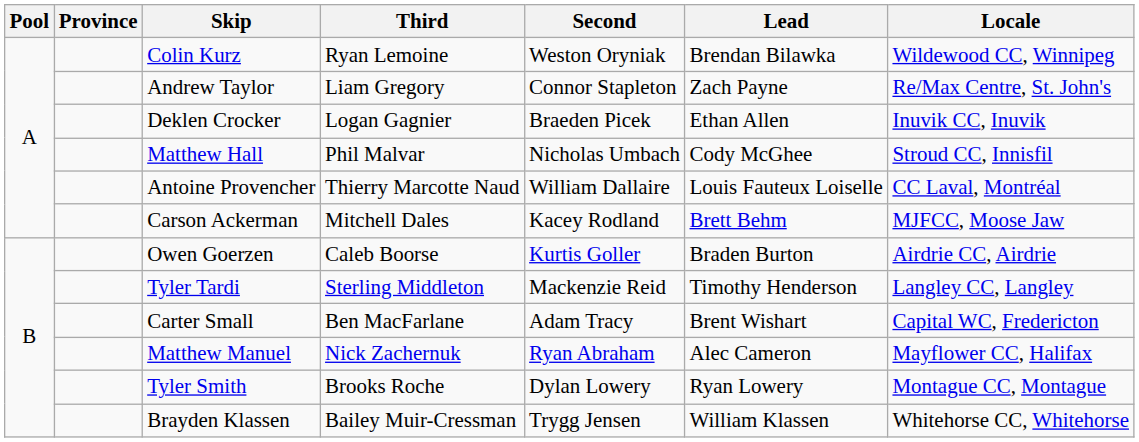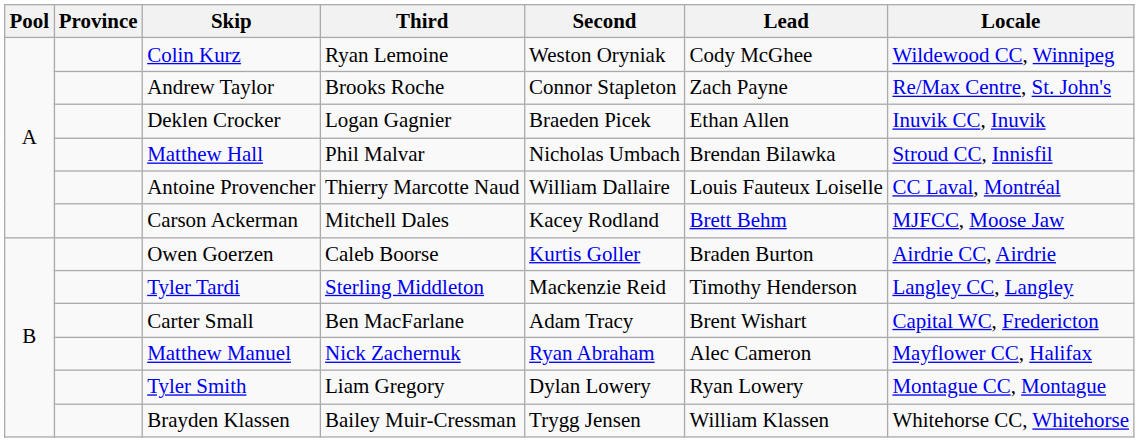 <table class="wikitable">
 <tr>
 <th>Pool</th>
 <th>Province</th>
 <th>Skip</th>
 <th>Third</th>
 <th>Second</th>
 <th>Lead</th>
 <th>Locale</th>
 </tr>
 <tr>
 <td rowspan=6 align=center>A</td>
 <td></td>
 <td><a href='#'>Colin Kurz</a></td>
 <td>Ryan Lemoine</td>
 <td>Weston Oryniak</td>
-<td>Brendan Bilawka</td>
+<td>Cody McGhee</td>
 <td><a href='#'>Wildewood CC</a>, <a href='#'>Winnipeg</a></td>
 </tr>
 <tr>
 <td></td>
 <td>Andrew Taylor</td>
-<td>Liam Gregory</td>
+<td>Brooks Roche</td>
 <td>Connor Stapleton</td>
 <td>Zach Payne</td>
 <td><a href='#'>Re/Max Centre</a>, <a href='#'>St. John's</a></td>
 </tr>
 <tr>
 <td></td>
 <td>Deklen Crocker</td>
 <td>Logan Gagnier</td>
 <td>Braeden Picek</td>
 <td>Ethan Allen</td>
 <td><a href='#'>Inuvik CC</a>, <a href='#'>Inuvik</a></td>
 </tr>
 <tr>
 <td></td>
 <td><a href='#'>Matthew Hall</a></td>
 <td>Phil Malvar</td>
 <td>Nicholas Umbach</td>
-<td>Cody McGhee</td>
+<td>Brendan Bilawka</td>
 <td><a href='#'>Stroud CC</a>, <a href='#'>Innisfil</a></td>
 </tr>
 <tr>
 <td></td>
 <td>Antoine Provencher</td>
 <td>Thierry Marcotte Naud</td>
 <td>William Dallaire</td>
 <td>Louis Fauteux Loiselle</td>
 <td><a href='#'>CC Laval</a>, <a href='#'>Montréal</a></td>
 </tr>
 <tr>
 <td></td>
 <td>Carson Ackerman</td>
 <td>Mitchell Dales</td>
 <td>Kacey Rodland</td>
 <td><a href='#'>Brett Behm</a></td>
 <td><a href='#'>MJFCC</a>, <a href='#'>Moose Jaw</a></td>
 </tr>
 <tr>
 <td rowspan=6 align=center>B</td>
 <td></td>
 <td>Owen Goerzen</td>
 <td>Caleb Boorse</td>
 <td><a href='#'>Kurtis Goller</a></td>
 <td>Braden Burton</td>
 <td><a href='#'>Airdrie CC</a>, <a href='#'>Airdrie</a></td>
 </tr>
 <tr>
 <td></td>
 <td><a href='#'>Tyler Tardi</a></td>
 <td><a href='#'>Sterling Middleton</a></td>
 <td>Mackenzie Reid</td>
 <td>Timothy Henderson</td>
 <td><a href='#'>Langley CC</a>, <a href='#'>Langley</a></td>
 </tr>
 <tr>
 <td></td>
 <td>Carter Small</td>
 <td>Ben MacFarlane</td>
 <td>Adam Tracy</td>
 <td>Brent Wishart</td>
 <td><a href='#'>Capital WC</a>, <a href='#'>Fredericton</a></td>
 </tr>
 <tr>
 <td></td>
 <td><a href='#'>Matthew Manuel</a></td>
 <td><a href='#'>Nick Zachernuk</a></td>
 <td><a href='#'>Ryan Abraham</a></td>
 <td>Alec Cameron</td>
 <td><a href='#'>Mayflower CC</a>, <a href='#'>Halifax</a></td>
 </tr>
 <tr>
 <td></td>
 <td><a href='#'>Tyler Smith</a></td>
-<td>Brooks Roche</td>
+<td>Liam Gregory</td>
 <td>Dylan Lowery</td>
 <td>Ryan Lowery</td>
 <td><a href='#'>Montague CC</a>, <a href='#'>Montague</a></td>
 </tr>
 <tr>
 <td></td>
 <td>Brayden Klassen</td>
 <td>Bailey Muir-Cressman</td>
 <td>Trygg Jensen</td>
 <td>William Klassen</td>
 <td>Whitehorse CC, <a href='#'>Whitehorse</a></td>
 </tr>
 </table>
